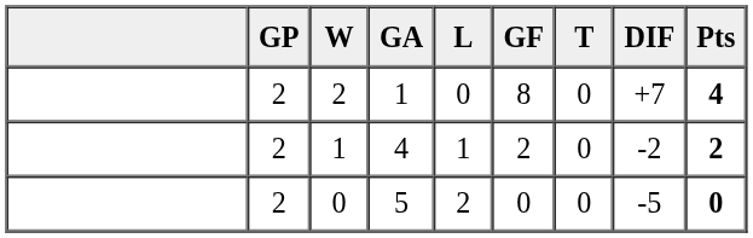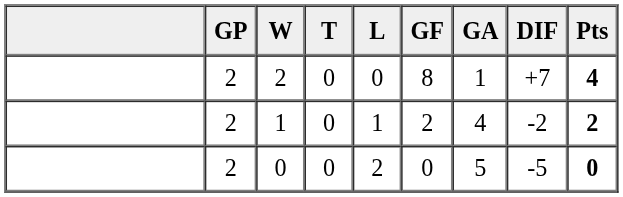 <table border=1 cellpadding=5 cellspacing=0>
 <tr>
 <th bgcolor="#efefef" width="120">　</th>
 <th bgcolor="#efefef" width="20">GP</th>
 <th bgcolor="#efefef" width="20">W</th>
-<th bgcolor="#efefef" width="20">GA</th>
+<th bgcolor="#efefef" width="20">T</th>
 <th bgcolor="#efefef" width="20">L</th>
 <th bgcolor="#efefef" width="20">GF</th>
-<th bgcolor="#efefef" width="20">T</th>
+<th bgcolor="#efefef" width="20">GA</th>
 <th bgcolor="#efefef" width="20">DIF</th>
 <th bgcolor="#efefef" width="20">Pts</th>
 </tr>
 <tr align=center>
 <td align=left><strong></strong></td>
 <td>2</td>
 <td>2</td>
-<td>1</td>
+<td>0</td>
 <td>0</td>
 <td>8</td>
-<td>0</td>
+<td>1</td>
 <td>+7</td>
 <td><strong>4</strong></td>
 </tr>
 <tr align=center>
 <td align=left></td>
 <td>2</td>
 <td>1</td>
-<td>4</td>
+<td>0</td>
 <td>1</td>
 <td>2</td>
-<td>0</td>
+<td>4</td>
 <td>-2</td>
 <td><strong>2</strong></td>
 </tr>
 <tr align=center>
 <td align=left></td>
 <td>2</td>
 <td>0</td>
-<td>5</td>
+<td>0</td>
 <td>2</td>
 <td>0</td>
-<td>0</td>
+<td>5</td>
 <td>-5</td>
 <td><strong>0</strong></td>
 </tr>
 </table>
